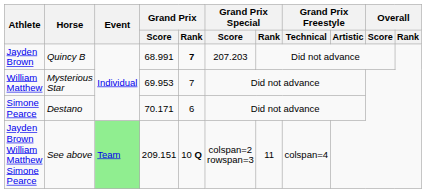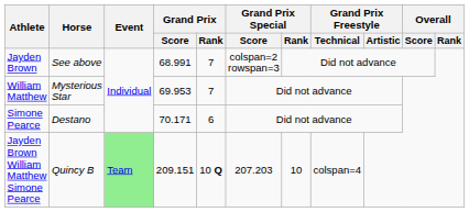 <table class=wikitable style="font-size:90%; text-align:center;">
 <tr>
 <th rowspan=2>Athlete</th>
 <th rowspan=2>Horse</th>
 <th rowspan=2>Event</th>
 <th colspan=2>Grand Prix</th>
 <th colspan=2>Grand Prix Special</th>
 <th colspan=2>Grand Prix Freestyle</th>
 <th colspan=2>Overall</th>
 </tr>
 <tr style=font-size:95%>
 <th>Score</th>
 <th>Rank</th>
 <th>Score</th>
 <th>Rank</th>
 <th>Technical</th>
 <th>Artistic</th>
 <th>Score</th>
 <th>Rank</th>
 </tr>
 <tr>
 <td align=left><a href='#'>Jayden Brown</a></td>
-<td align=left><em>Quincy B</em></td>
+<td align=left><em>See above</em></td>
 <td rowspan=3 align=left><a href='#'>Individual</a></td>
 <td>68.991</td>
-<td><strong>7</strong></td>
-<td>207.203</td>
+<td>7</td>
+<td>colspan=2 rowspan=3 </td>
 <td colspan=4>Did not advance</td>
 </tr>
 <tr>
 <td align=left><a href='#'>William Matthew</a></td>
 <td align=left><em>Mysterious Star</em></td>
 <td>69.953</td>
 <td>7</td>
 <td colspan=4>Did not advance</td>
 </tr>
 <tr>
 <td align=left><a href='#'>Simone Pearce</a></td>
 <td align=left><em>Destano</em></td>
 <td>70.171</td>
 <td>6</td>
 <td colspan=4>Did not advance</td>
 </tr>
 <tr>
 <td align=left><a href='#'>Jayden Brown</a><br><a href='#'>William Matthew</a><br><a href='#'>Simone Pearce</a></td>
-<td align=left><em>See above</em></td>
+<td align=left><em>Quincy B</em></td>
 <td align=left style="background: lightgreen;"><a href='#'>Team</a></td>
 <td>209.151</td>
 <td>10 <strong>Q</strong></td>
-<td>colspan=2 rowspan=3 </td>
-<td>11</td>
+<td>207.203</td>
+<td>10</td>
 <td>colspan=4 </td>
 </tr>
 </table>
